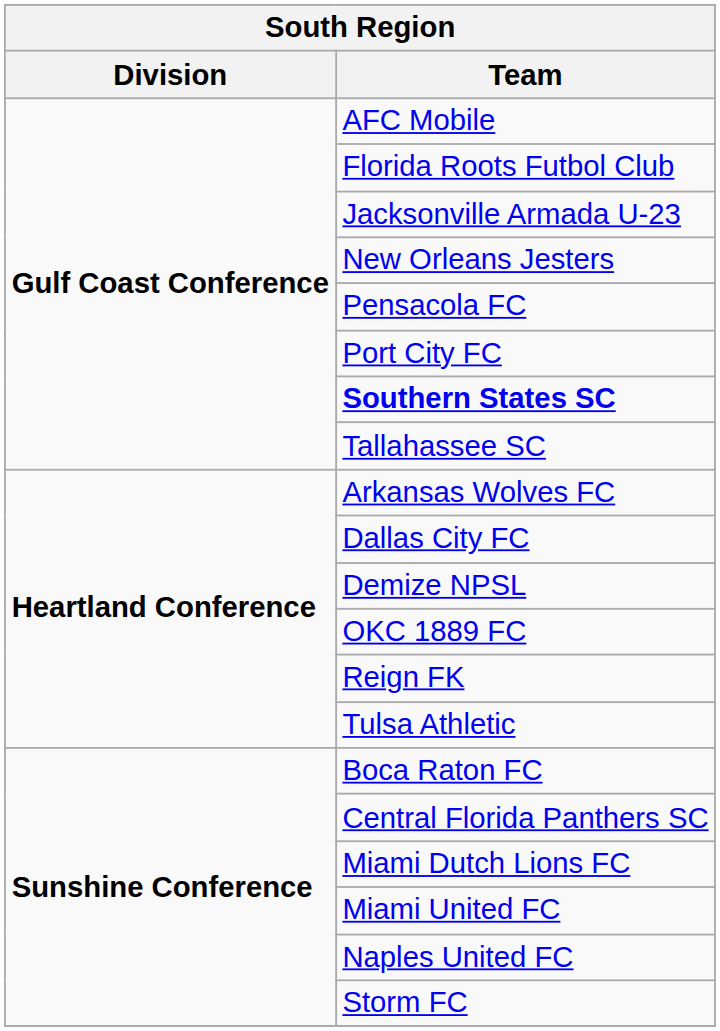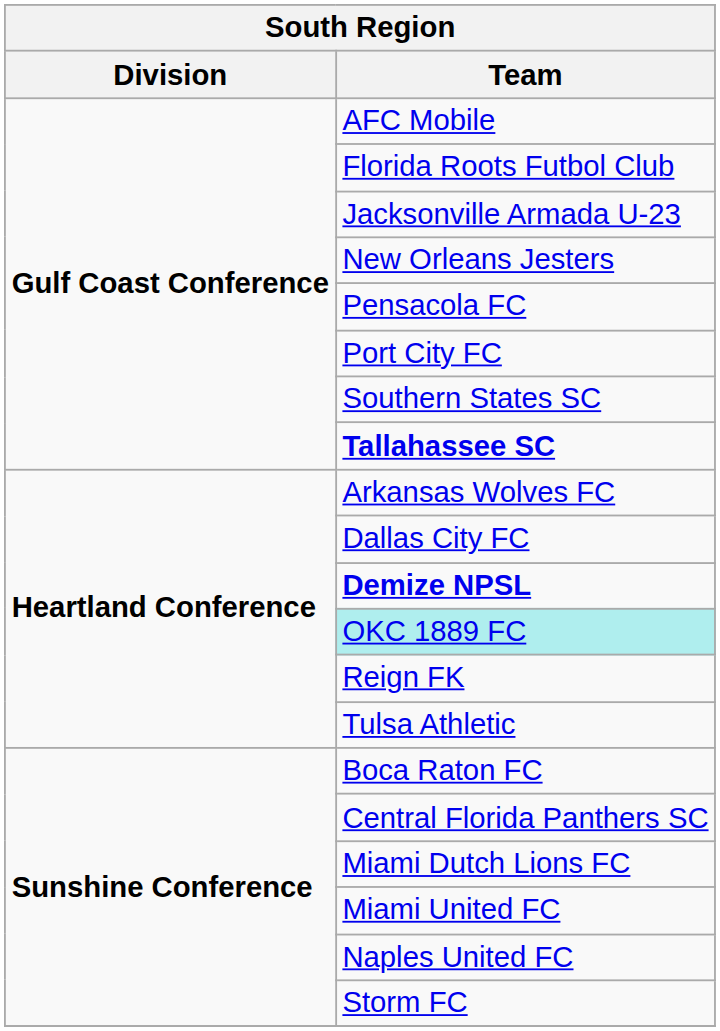 <table class="wikitable" style="text-align:left">
 <tr>
 <th colspan=3>South Region</th>
 </tr>
 <tr>
 <th>Division</th>
 <th>Team</th>
 </tr>
 <tr>
 <td rowspan=8><strong>Gulf Coast Conference</strong></td>
 <td><a href='#'>AFC Mobile</a></td>
 </tr>
 <tr>
 <td><a href='#'>Florida Roots Futbol Club</a></td>
 </tr>
 <tr>
 <td><a href='#'>Jacksonville Armada U-23</a></td>
 </tr>
 <tr>
 <td><a href='#'>New Orleans Jesters</a></td>
 </tr>
 <tr>
 <td><a href='#'>Pensacola FC</a></td>
 </tr>
 <tr>
 <td><a href='#'>Port City FC</a></td>
 </tr>
 <tr>
-<td><strong><a href='#'>Southern States SC</a></strong></td>
+<td><a href='#'>Southern States SC</a></td>
 </tr>
 <tr>
-<td><a href='#'>Tallahassee SC</a></td>
+<td><strong><a href='#'>Tallahassee SC</a></strong></td>
 </tr>
 <tr>
 <td rowspan=6><strong>Heartland Conference</strong></td>
 <td><a href='#'>Arkansas Wolves FC</a></td>
 </tr>
 <tr>
 <td><a href='#'>Dallas City FC</a></td>
 </tr>
 <tr>
-<td><a href='#'>Demize NPSL</a></td>
+<td><strong><a href='#'>Demize NPSL</a></strong></td>
 </tr>
 <tr>
-<td><a href='#'>OKC 1889 FC</a></td>
+<td style="background: paleturquoise;"><a href='#'>OKC 1889 FC</a></td>
 </tr>
 <tr>
 <td><a href='#'>Reign FK</a></td>
 </tr>
 <tr>
 <td><a href='#'>Tulsa Athletic</a></td>
 </tr>
 <tr>
 <td rowspan=6><strong>Sunshine Conference</strong></td>
 <td><a href='#'>Boca Raton FC</a></td>
 </tr>
 <tr>
 <td><a href='#'>Central Florida Panthers SC</a></td>
 </tr>
 <tr>
 <td><a href='#'>Miami Dutch Lions FC</a></td>
 </tr>
 <tr>
 <td><a href='#'>Miami United FC</a></td>
 </tr>
 <tr>
 <td><a href='#'>Naples United FC</a></td>
 </tr>
 <tr>
 <td><a href='#'>Storm FC</a></td>
 </tr>
 <tr>
 </tr>
 </table>
